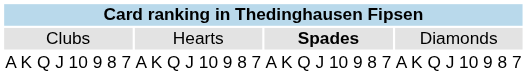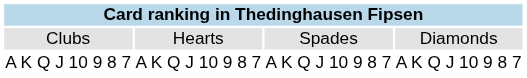 <table style="wikitable" style="float: middle; background: #c0c0c0; margin-left: 1em; border-spacing: 1px;">
 <tr align="center">
 <td style="background: #B9D9EB;" colspan="4"><strong>Card ranking in Thedinghausen Fipsen</strong></td>
 </tr>
 <tr align="center">
 <td style="background: #e3e3e3;">Clubs</td>
 <td style="background: #e3e3e3;">Hearts</td>
-<td style="background: #e3e3e3;"><strong>Spades</strong></td>
+<td style="background: #e3e3e3;">Spades</td>
 <td style="background: #e3e3e3;">Diamonds</td>
 </tr>
 <tr align="center">
 <td style="background: #ffffff;">A K  Q J 10 9 8 7</td>
 <td style="background: #ffffff;">A K Q J 10 9 8 7</td>
 <td style="background: #ffffff;">A K Q J 10 9 8 7</td>
 <td style="background: #ffffff;">A K Q J 10 9 8 7</td>
 </tr>
 </table>
